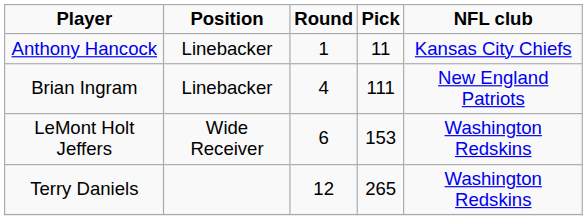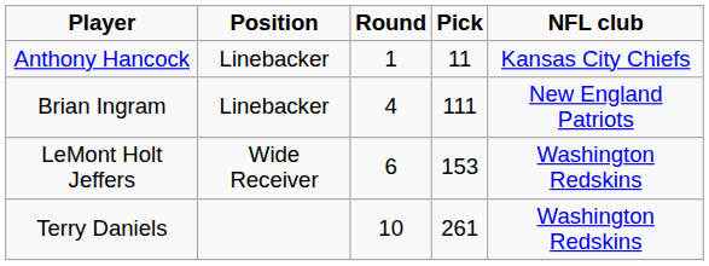 <table class="wikitable" width="80%">
 <tr align="center">
 <td><strong>Player</strong></td>
 <td><strong>Position</strong></td>
 <td><strong>Round</strong></td>
 <td><strong>Pick</strong></td>
 <td><strong>NFL club</strong></td>
 </tr>
 <tr align="center" bgcolor="">
 <td><a href='#'>Anthony Hancock</a></td>
 <td>Linebacker</td>
 <td>1</td>
 <td>11</td>
 <td><a href='#'>Kansas City Chiefs</a></td>
 </tr>
 <tr align="center" bgcolor="">
 <td>Brian Ingram</td>
 <td>Linebacker</td>
 <td>4</td>
 <td>111</td>
 <td><a href='#'>New England Patriots</a></td>
 </tr>
 <tr align="center" bgcolor="">
 <td>LeMont Holt Jeffers</td>
 <td>Wide Receiver</td>
 <td>6</td>
 <td>153</td>
 <td><a href='#'>Washington Redskins</a></td>
 </tr>
 <tr align="center" bgcolor="">
 <td>Terry Daniels</td>
 <td></td>
-<td>12</td>
-<td>265</td>
+<td>10</td>
+<td>261</td>
 <td><a href='#'>Washington Redskins</a></td>
 </tr>
 <tr align="center" bgcolor="">
 </tr>
 </table>
